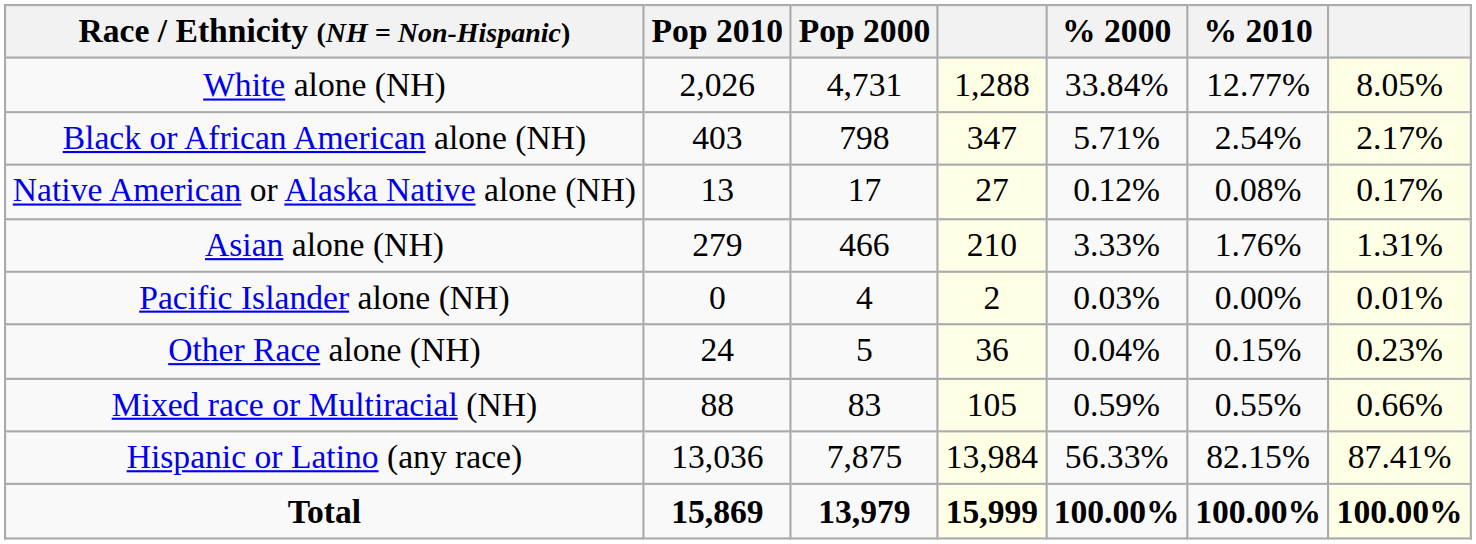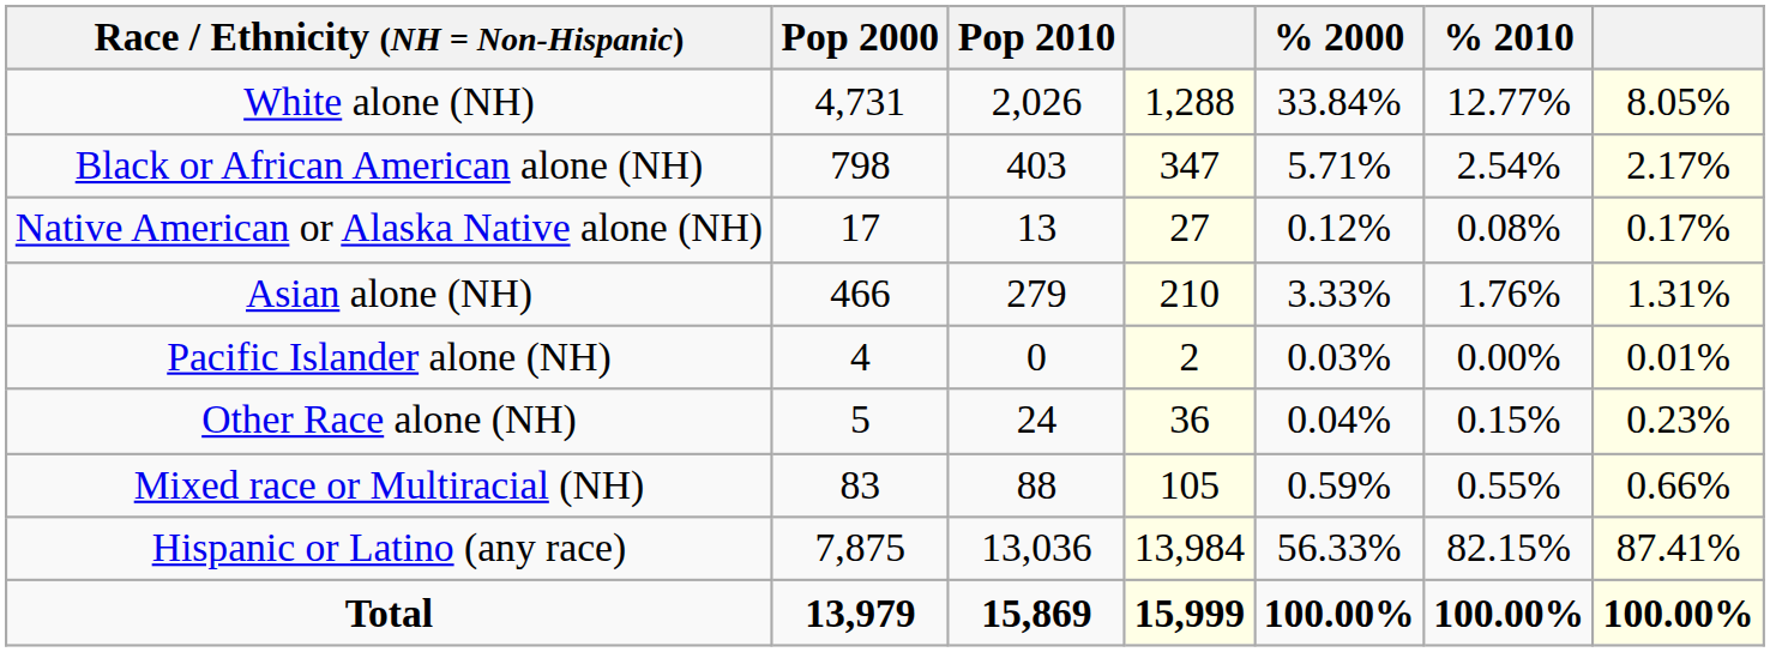 <table class="wikitable" style="text-align:center;">
 <tr>
 <th>Race / Ethnicity <small>(<em>NH = Non-Hispanic</em>)</small></th>
+<th>Pop 2000</th>
 <th>Pop 2010</th>
-<th>Pop 2000</th>
 <th></th>
 <th>% 2000</th>
 <th>% 2010</th>
 <th></th>
 </tr>
 <tr>
 <td><a href='#'>White</a> alone (NH)</td>
+<td>4,731</td>
 <td>2,026</td>
-<td>4,731</td>
 <td style='background: #ffffe6;'>1,288</td>
 <td>33.84%</td>
 <td>12.77%</td>
 <td style='background: #ffffe6;'>8.05%</td>
 </tr>
 <tr>
 <td><a href='#'>Black or African American</a> alone (NH)</td>
+<td>798</td>
 <td>403</td>
-<td>798</td>
 <td style='background: #ffffe6;'>347</td>
 <td>5.71%</td>
 <td>2.54%</td>
 <td style='background: #ffffe6;'>2.17%</td>
 </tr>
 <tr>
 <td><a href='#'>Native American</a> or <a href='#'>Alaska Native</a> alone (NH)</td>
+<td>17</td>
 <td>13</td>
-<td>17</td>
 <td style='background: #ffffe6;'>27</td>
 <td>0.12%</td>
 <td>0.08%</td>
 <td style='background: #ffffe6;'>0.17%</td>
 </tr>
 <tr>
 <td><a href='#'>Asian</a> alone (NH)</td>
+<td>466</td>
 <td>279</td>
-<td>466</td>
 <td style='background: #ffffe6;'>210</td>
 <td>3.33%</td>
 <td>1.76%</td>
 <td style='background: #ffffe6;'>1.31%</td>
 </tr>
 <tr>
 <td><a href='#'>Pacific Islander</a> alone (NH)</td>
+<td>4</td>
 <td>0</td>
-<td>4</td>
 <td style='background: #ffffe6;'>2</td>
 <td>0.03%</td>
 <td>0.00%</td>
 <td style='background: #ffffe6;'>0.01%</td>
 </tr>
 <tr>
 <td><a href='#'>Other Race</a> alone (NH)</td>
+<td>5</td>
 <td>24</td>
-<td>5</td>
 <td style='background: #ffffe6;'>36</td>
 <td>0.04%</td>
 <td>0.15%</td>
 <td style='background: #ffffe6;'>0.23%</td>
 </tr>
 <tr>
 <td><a href='#'>Mixed race or Multiracial</a> (NH)</td>
+<td>83</td>
 <td>88</td>
-<td>83</td>
 <td style='background: #ffffe6;'>105</td>
 <td>0.59%</td>
 <td>0.55%</td>
 <td style='background: #ffffe6;'>0.66%</td>
 </tr>
 <tr>
 <td><a href='#'>Hispanic or Latino</a> (any race)</td>
+<td>7,875</td>
 <td>13,036</td>
-<td>7,875</td>
 <td style='background: #ffffe6;'>13,984</td>
 <td>56.33%</td>
 <td>82.15%</td>
 <td style='background: #ffffe6;'>87.41%</td>
 </tr>
 <tr>
 <td><strong>Total</strong></td>
+<td><strong>13,979</strong></td>
 <td><strong>15,869</strong></td>
-<td><strong>13,979</strong></td>
 <td style='background: #ffffe6;'><strong>15,999</strong></td>
 <td><strong>100.00%</strong></td>
 <td><strong>100.00%</strong></td>
 <td style='background: #ffffe6;'><strong>100.00%</strong></td>
 </tr>
 </table>
